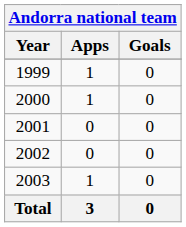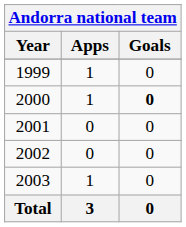 <table class="wikitable" style="text-align:center">
 <tr>
 <th colspan=3><a href='#'>Andorra national team</a></th>
 </tr>
 <tr>
 <th>Year</th>
 <th>Apps</th>
 <th>Goals</th>
 </tr>
 <tr>
 </tr>
 <tr>
 <td>1999</td>
 <td>1</td>
 <td>0</td>
 </tr>
 <tr>
 <td>2000</td>
 <td>1</td>
-<td>0</td>
+<td><strong>0</strong></td>
 </tr>
 <tr>
 <td>2001</td>
 <td>0</td>
 <td>0</td>
 </tr>
 <tr>
 <td>2002</td>
 <td>0</td>
 <td>0</td>
 </tr>
 <tr>
 <td>2003</td>
 <td>1</td>
 <td>0</td>
 </tr>
 <tr>
 <th>Total</th>
 <th>3</th>
 <th>0</th>
 </tr>
 </table>
